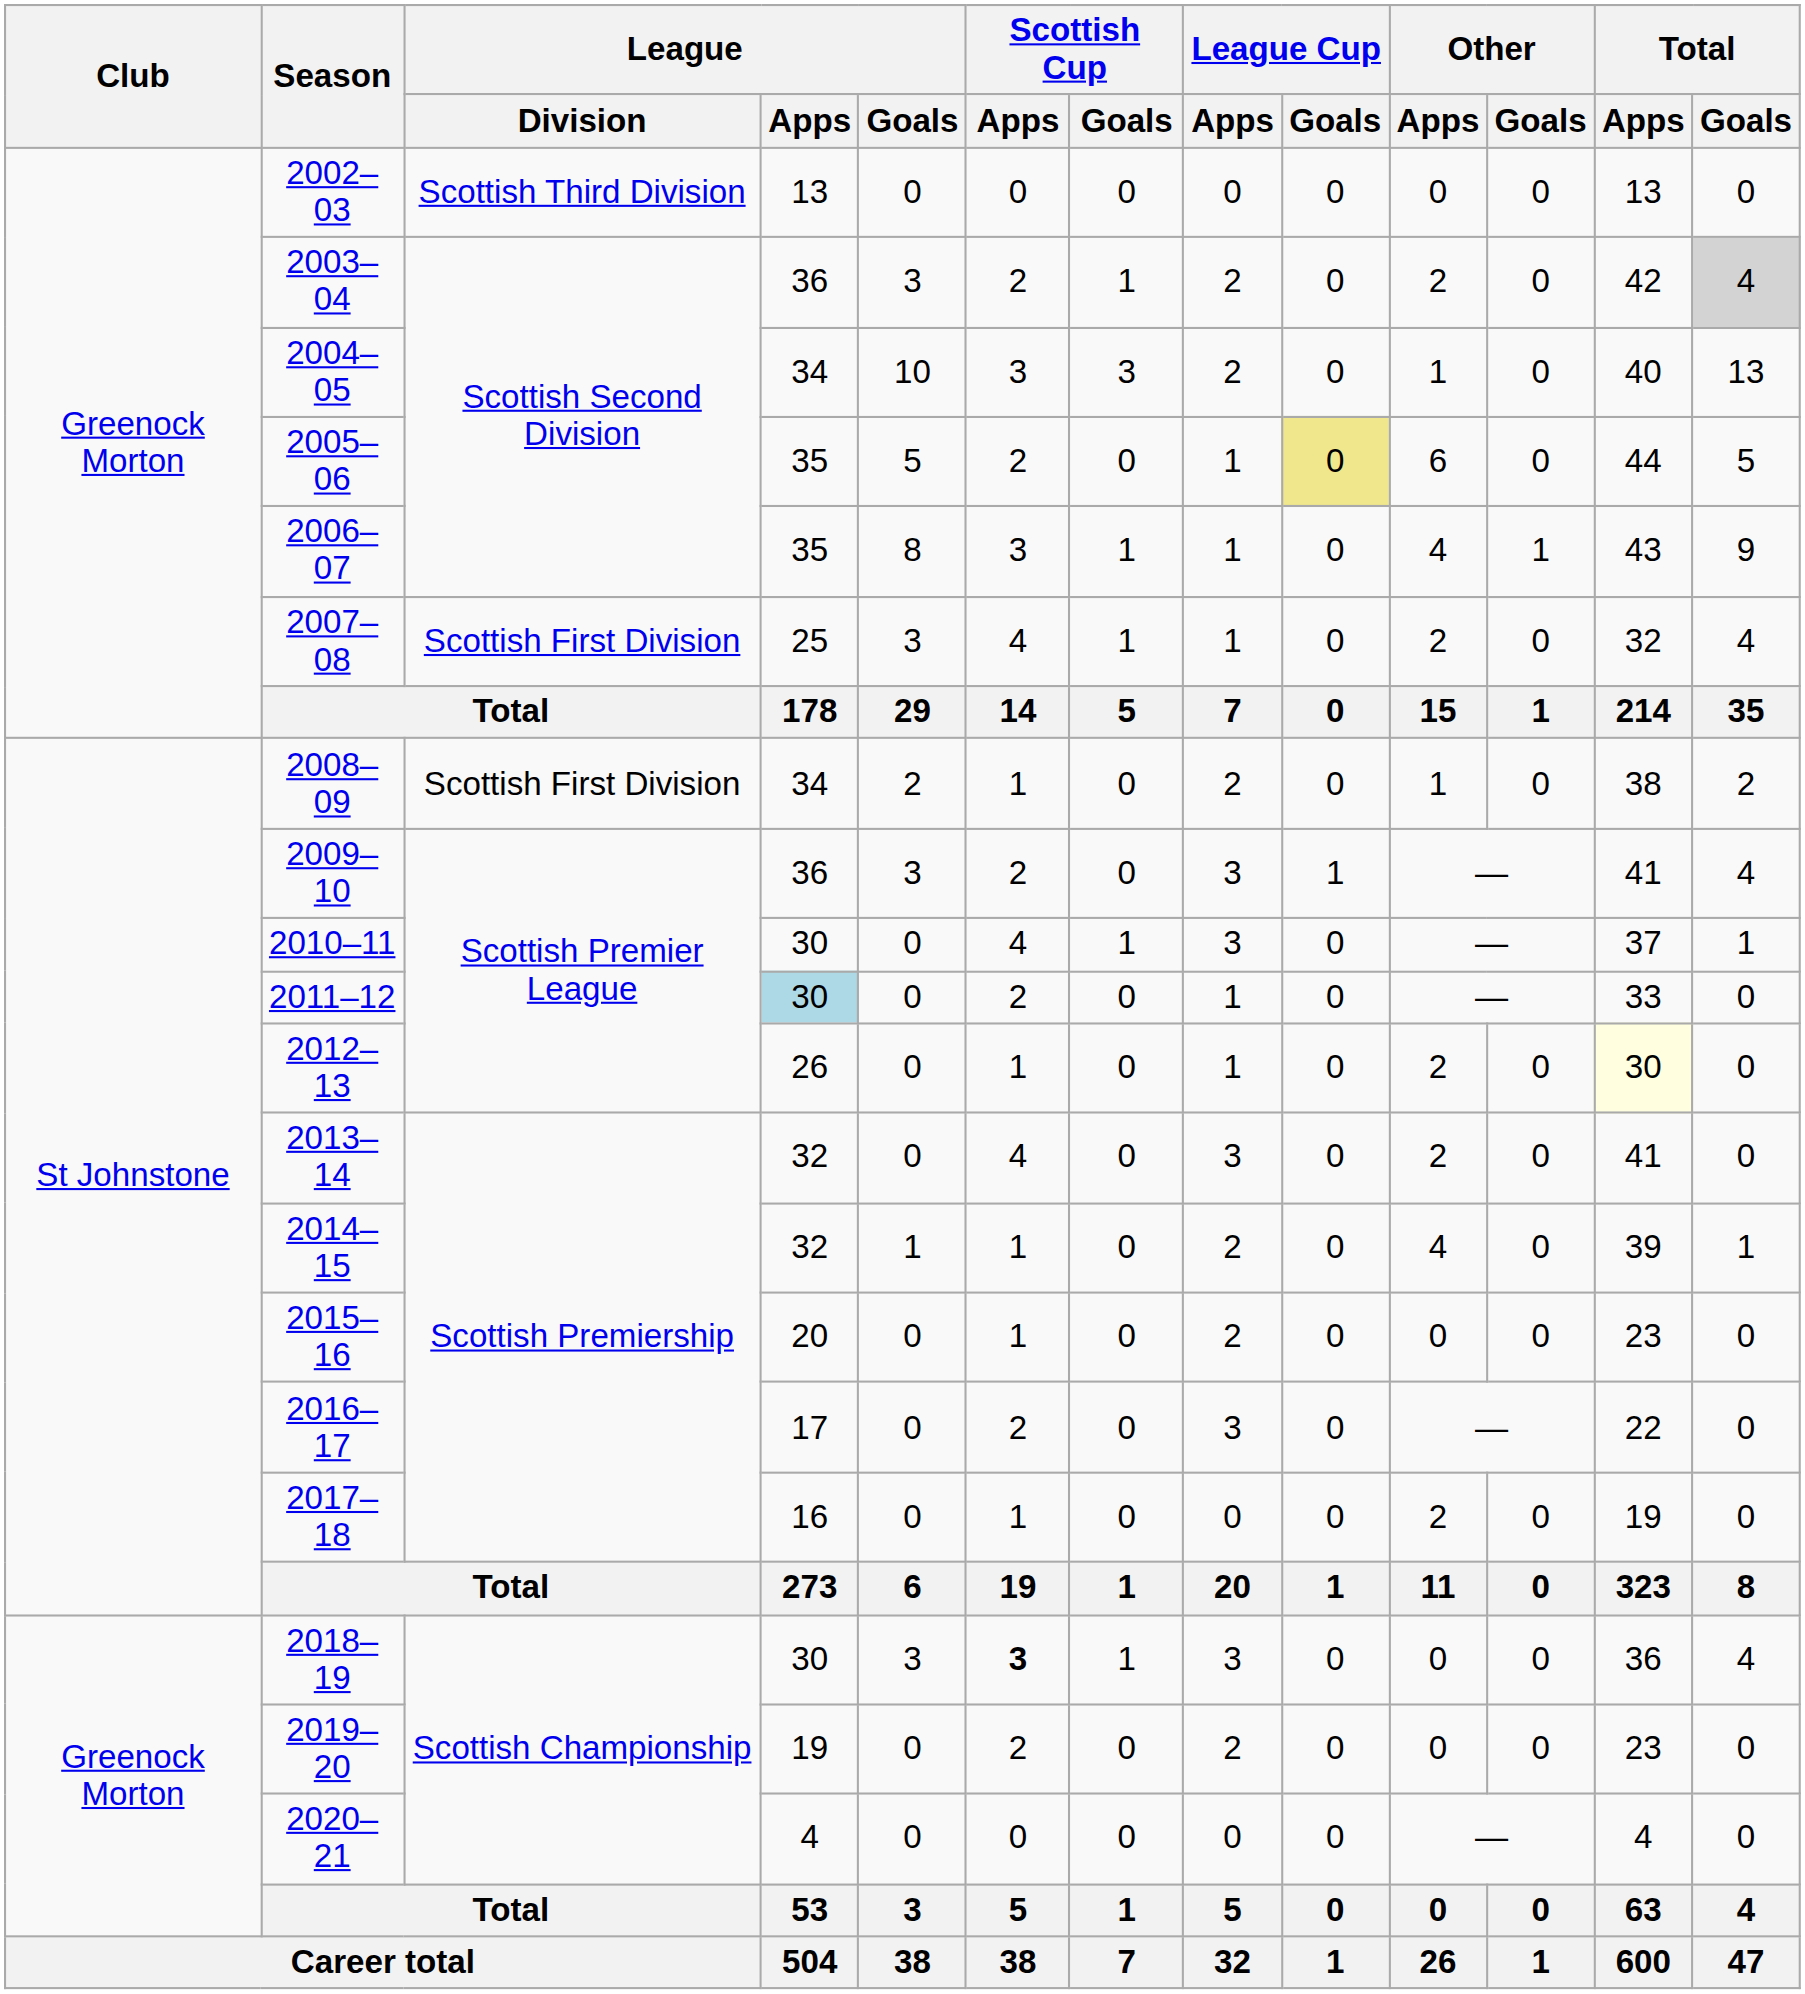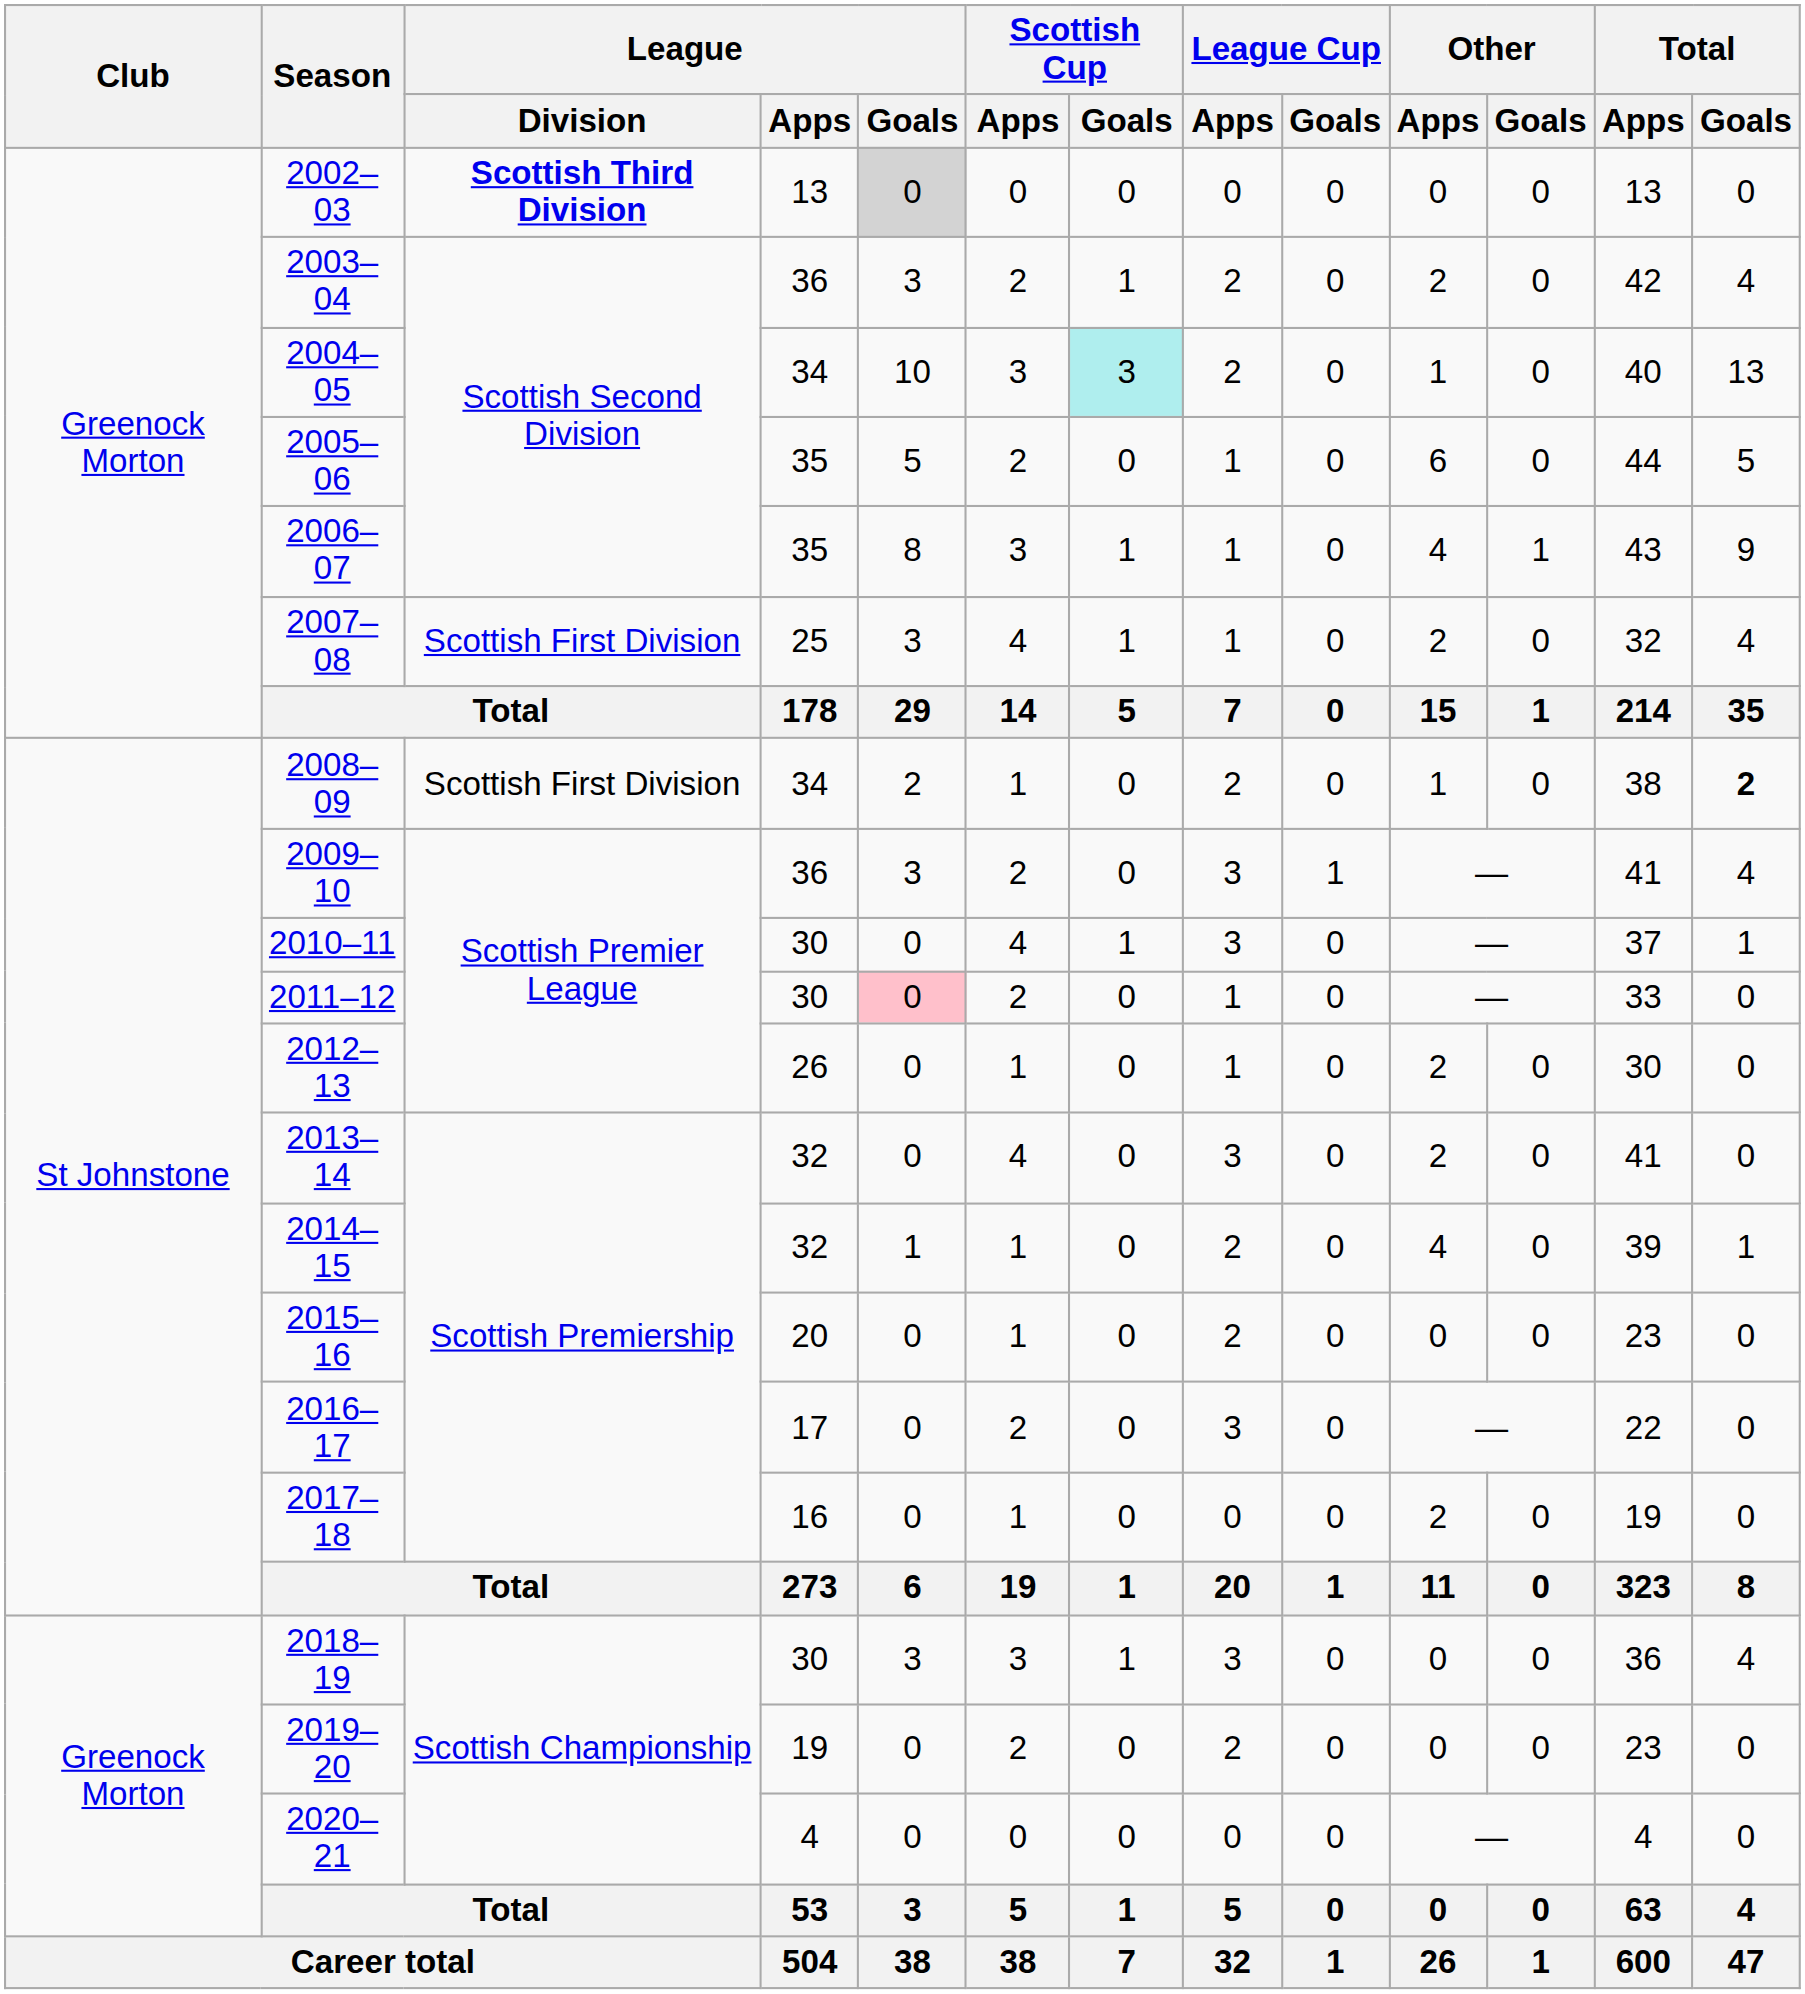 <table class="wikitable" style="text-align: center">
 <tr>
 <th rowspan="2">Club</th>
 <th rowspan="2">Season</th>
 <th colspan="3">League</th>
 <th colspan="2"><a href='#'>Scottish Cup</a></th>
 <th colspan="2"><a href='#'>League Cup</a></th>
 <th colspan="2">Other</th>
 <th colspan="2">Total</th>
 </tr>
 <tr>
 <th>Division</th>
 <th>Apps</th>
 <th>Goals</th>
 <th>Apps</th>
 <th>Goals</th>
 <th>Apps</th>
 <th>Goals</th>
 <th>Apps</th>
 <th>Goals</th>
 <th>Apps</th>
 <th>Goals</th>
 </tr>
 <tr>
 <td rowspan="7"><a href='#'>Greenock Morton</a></td>
 <td><a href='#'>2002–03</a></td>
-<td><a href='#'>Scottish Third Division</a></td>
+<td><strong><a href='#'>Scottish Third Division</a></strong></td>
 <td>13</td>
-<td>0</td>
+<td style="background: lightgrey;">0</td>
 <td>0</td>
 <td>0</td>
 <td>0</td>
 <td>0</td>
 <td>0</td>
 <td>0</td>
 <td>13</td>
 <td>0</td>
 </tr>
 <tr>
 <td><a href='#'>2003–04</a></td>
 <td rowspan="4"><a href='#'>Scottish Second Division</a></td>
 <td>36</td>
 <td>3</td>
 <td>2</td>
 <td>1</td>
 <td>2</td>
 <td>0</td>
 <td>2</td>
 <td>0</td>
 <td>42</td>
-<td style="background: lightgrey;">4</td>
+<td>4</td>
 </tr>
 <tr>
 <td><a href='#'>2004–05</a></td>
 <td>34</td>
 <td>10</td>
 <td>3</td>
-<td>3</td>
+<td style="background: paleturquoise;">3</td>
 <td>2</td>
 <td>0</td>
 <td>1</td>
 <td>0</td>
 <td>40</td>
 <td>13</td>
 </tr>
 <tr>
 <td><a href='#'>2005–06</a></td>
 <td>35</td>
 <td>5</td>
 <td>2</td>
 <td>0</td>
 <td>1</td>
-<td style="background: khaki;">0</td>
+<td>0</td>
 <td>6</td>
 <td>0</td>
 <td>44</td>
 <td>5</td>
 </tr>
 <tr>
 <td><a href='#'>2006–07</a></td>
 <td>35</td>
 <td>8</td>
 <td>3</td>
 <td>1</td>
 <td>1</td>
 <td>0</td>
 <td>4</td>
 <td>1</td>
 <td>43</td>
 <td>9</td>
 </tr>
 <tr>
 <td><a href='#'>2007–08</a></td>
 <td><a href='#'>Scottish First Division</a></td>
 <td>25</td>
 <td>3</td>
 <td>4</td>
 <td>1</td>
 <td>1</td>
 <td>0</td>
 <td>2</td>
 <td>0</td>
 <td>32</td>
 <td>4</td>
 </tr>
 <tr>
 <th colspan="2">Total</th>
 <th>178</th>
 <th>29</th>
 <th>14</th>
 <th>5</th>
 <th>7</th>
 <th>0</th>
 <th>15</th>
 <th>1</th>
 <th>214</th>
 <th>35</th>
 </tr>
 <tr>
 <td rowspan="11"><a href='#'>St Johnstone</a></td>
 <td><a href='#'>2008–09</a></td>
 <td>Scottish First Division</td>
 <td>34</td>
 <td>2</td>
 <td>1</td>
 <td>0</td>
 <td>2</td>
 <td>0</td>
 <td>1</td>
 <td>0</td>
 <td>38</td>
-<td>2</td>
+<td><strong>2</strong></td>
 </tr>
 <tr>
 <td><a href='#'>2009–10</a></td>
 <td rowspan="4"><a href='#'>Scottish Premier League</a></td>
 <td>36</td>
 <td>3</td>
 <td>2</td>
 <td>0</td>
 <td>3</td>
 <td>1</td>
 <td colspan="2">—</td>
 <td>41</td>
 <td>4</td>
 </tr>
 <tr>
 <td><a href='#'>2010–11</a></td>
 <td>30</td>
 <td>0</td>
 <td>4</td>
 <td>1</td>
 <td>3</td>
 <td>0</td>
 <td colspan="2">—</td>
 <td>37</td>
 <td>1</td>
 </tr>
 <tr>
 <td><a href='#'>2011–12</a></td>
-<td style="background: lightblue;">30</td>
-<td>0</td>
+<td>30</td>
+<td style="background: pink;">0</td>
 <td>2</td>
 <td>0</td>
 <td>1</td>
 <td>0</td>
 <td colspan="2">—</td>
 <td>33</td>
 <td>0</td>
 </tr>
 <tr>
 <td><a href='#'>2012–13</a></td>
 <td>26</td>
 <td>0</td>
 <td>1</td>
 <td>0</td>
 <td>1</td>
 <td>0</td>
 <td>2</td>
 <td>0</td>
-<td style="background: lightyellow;">30</td>
+<td>30</td>
 <td>0</td>
 </tr>
 <tr>
 <td><a href='#'>2013–14</a></td>
 <td rowspan="5"><a href='#'>Scottish Premiership</a></td>
 <td>32</td>
 <td>0</td>
 <td>4</td>
 <td>0</td>
 <td>3</td>
 <td>0</td>
 <td>2</td>
 <td>0</td>
 <td>41</td>
 <td>0</td>
 </tr>
 <tr>
 <td><a href='#'>2014–15</a></td>
 <td>32</td>
 <td>1</td>
 <td>1</td>
 <td>0</td>
 <td>2</td>
 <td>0</td>
 <td>4</td>
 <td>0</td>
 <td>39</td>
 <td>1</td>
 </tr>
 <tr>
 <td><a href='#'>2015–16</a></td>
 <td>20</td>
 <td>0</td>
 <td>1</td>
 <td>0</td>
 <td>2</td>
 <td>0</td>
 <td>0</td>
 <td>0</td>
 <td>23</td>
 <td>0</td>
 </tr>
 <tr>
 <td><a href='#'>2016–17</a></td>
 <td>17</td>
 <td>0</td>
 <td>2</td>
 <td>0</td>
 <td>3</td>
 <td>0</td>
 <td colspan="2">—</td>
 <td>22</td>
 <td>0</td>
 </tr>
 <tr>
 <td><a href='#'>2017–18</a></td>
 <td>16</td>
 <td>0</td>
 <td>1</td>
 <td>0</td>
 <td>0</td>
 <td>0</td>
 <td>2</td>
 <td>0</td>
 <td>19</td>
 <td>0</td>
 </tr>
 <tr>
 <th colspan="2">Total</th>
 <th>273</th>
 <th>6</th>
 <th>19</th>
 <th>1</th>
 <th>20</th>
 <th>1</th>
 <th>11</th>
 <th>0</th>
 <th>323</th>
 <th>8</th>
 </tr>
 <tr>
 <td rowspan=4><a href='#'>Greenock Morton</a></td>
 <td><a href='#'>2018–19</a></td>
 <td rowspan=3><a href='#'>Scottish Championship</a></td>
 <td>30</td>
 <td>3</td>
-<td><strong>3</strong></td>
+<td>3</td>
 <td>1</td>
 <td>3</td>
 <td>0</td>
 <td>0</td>
 <td>0</td>
 <td>36</td>
 <td>4</td>
 </tr>
 <tr>
 <td><a href='#'>2019–20</a></td>
 <td>19</td>
 <td>0</td>
 <td>2</td>
 <td>0</td>
 <td>2</td>
 <td>0</td>
 <td>0</td>
 <td>0</td>
 <td>23</td>
 <td>0</td>
 </tr>
 <tr>
 <td><a href='#'>2020–21</a></td>
 <td>4</td>
 <td>0</td>
 <td>0</td>
 <td>0</td>
 <td>0</td>
 <td>0</td>
 <td colspan=2>—</td>
 <td>4</td>
 <td>0</td>
 </tr>
 <tr>
 <th colspan=2>Total</th>
 <th>53</th>
 <th>3</th>
 <th>5</th>
 <th>1</th>
 <th>5</th>
 <th>0</th>
 <th>0</th>
 <th>0</th>
 <th>63</th>
 <th>4</th>
 </tr>
 <tr>
 <th colspan="3">Career total</th>
 <th>504</th>
 <th>38</th>
 <th>38</th>
 <th>7</th>
 <th>32</th>
 <th>1</th>
 <th>26</th>
 <th>1</th>
 <th>600</th>
 <th>47</th>
 </tr>
 </table>
